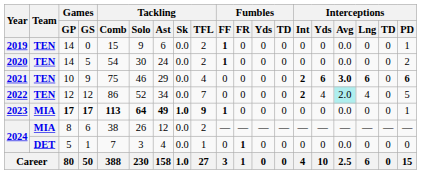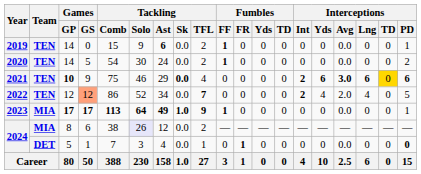 <table class= "wikitable" style="text-align:center;">
 <tr>
 <th rowspan="2">Year</th>
 <th rowspan="2">Team</th>
 <th colspan="2">Games</th>
 <th colspan="5">Tackling</th>
 <th colspan="4">Fumbles</th>
 <th colspan="6">Interceptions</th>
 </tr>
 <tr>
 <th>GP</th>
 <th>GS</th>
 <th>Comb</th>
 <th>Solo</th>
 <th>Ast</th>
 <th>Sk</th>
 <th>TFL</th>
 <th>FF</th>
 <th>FR</th>
 <th>Yds</th>
 <th>TD</th>
 <th>Int</th>
 <th>Yds</th>
 <th>Avg</th>
 <th>Lng</th>
 <th>TD</th>
 <th>PD</th>
 </tr>
 <tr>
 <th><a href='#'>2019</a></th>
 <th><a href='#'>TEN</a></th>
 <td>14</td>
 <td>0</td>
 <td>15</td>
 <td>9</td>
-<td>6</td>
+<td><strong>6</strong></td>
 <td>0.0</td>
 <td>2</td>
 <td><strong>1</strong></td>
 <td>0</td>
 <td>0</td>
 <td>0</td>
 <td>0</td>
 <td>0</td>
 <td>0.0</td>
 <td>0</td>
 <td>0</td>
 <td>1</td>
 </tr>
 <tr>
 <th><a href='#'>2020</a></th>
 <th><a href='#'>TEN</a></th>
 <td>14</td>
 <td>5</td>
 <td>54</td>
 <td>30</td>
 <td>24</td>
 <td>0.0</td>
 <td>2</td>
 <td><strong>1</strong></td>
 <td>0</td>
 <td>0</td>
 <td>0</td>
 <td>0</td>
 <td>0</td>
 <td>0.0</td>
 <td>0</td>
 <td>0</td>
 <td>2</td>
 </tr>
 <tr>
 <th><a href='#'>2021</a></th>
 <th><a href='#'>TEN</a></th>
-<td>10</td>
+<td><strong>10</strong></td>
 <td>9</td>
 <td>75</td>
 <td>46</td>
 <td>29</td>
-<td>0.0</td>
+<td><strong>0.0</strong></td>
 <td>4</td>
 <td>0</td>
 <td>0</td>
 <td>0</td>
 <td>0</td>
 <td><strong>2</strong></td>
 <td><strong>6</strong></td>
 <td><strong>3.0</strong></td>
 <td><strong>6</strong></td>
-<td>0</td>
+<td style="background: gold;">0</td>
 <td><strong>6</strong></td>
 </tr>
 <tr>
 <th><a href='#'>2022</a></th>
 <th><a href='#'>TEN</a></th>
 <td>12</td>
-<td>12</td>
+<td style="background: lightsalmon;">12</td>
 <td>86</td>
 <td>52</td>
 <td>34</td>
 <td>0.0</td>
-<td>7</td>
+<td><strong>7</strong></td>
 <td>0</td>
 <td>0</td>
 <td>0</td>
 <td>0</td>
 <td><strong>2</strong></td>
 <td>4</td>
-<td style="background: paleturquoise;">2.0</td>
+<td>2.0</td>
 <td>4</td>
 <td>0</td>
 <td>5</td>
 </tr>
 <tr>
 <th><a href='#'>2023</a></th>
 <th><a href='#'>MIA</a></th>
 <td><strong>17</strong></td>
 <td><strong>17</strong></td>
 <td><strong>113</strong></td>
 <td><strong>64</strong></td>
 <td><strong>49</strong></td>
 <td><strong>1.0</strong></td>
 <td><strong>9</strong></td>
 <td><strong>1</strong></td>
 <td>0</td>
 <td>0</td>
 <td>0</td>
 <td>0</td>
 <td>0</td>
 <td>0.0</td>
 <td>0</td>
 <td>0</td>
 <td>1</td>
 </tr>
 <tr>
 <th rowspan="2"><a href='#'>2024</a></th>
 <th><a href='#'>MIA</a></th>
 <td>8</td>
 <td>6</td>
 <td>38</td>
-<td>26</td>
+<td style="background: lavender;">26</td>
 <td>12</td>
 <td>0.0</td>
 <td>2</td>
 <td>—</td>
 <td>—</td>
 <td>—</td>
 <td>—</td>
 <td>—</td>
 <td>—</td>
 <td>—</td>
 <td>—</td>
 <td>—</td>
 <td>—</td>
 </tr>
 <tr>
 <th><a href='#'>DET</a></th>
 <td>5</td>
 <td>1</td>
 <td>7</td>
 <td>3</td>
 <td>4</td>
 <td>0.0</td>
 <td>1</td>
 <td>0</td>
 <td><strong>1</strong></td>
 <td>0</td>
 <td>0</td>
 <td>0</td>
 <td>0</td>
 <td>0.0</td>
 <td>0</td>
 <td>0</td>
-<td>0</td>
+<td><strong>0</strong></td>
 </tr>
 <tr>
 <th colspan="2">Career</th>
 <th>80</th>
 <th>50</th>
 <th>388</th>
 <th>230</th>
 <th>158</th>
 <th>1.0</th>
 <th>27</th>
 <th>3</th>
 <th>1</th>
 <th>0</th>
 <th>0</th>
 <th>4</th>
 <th>10</th>
 <th>2.5</th>
 <th>6</th>
 <th>0</th>
 <th>15</th>
 </tr>
 </table>
